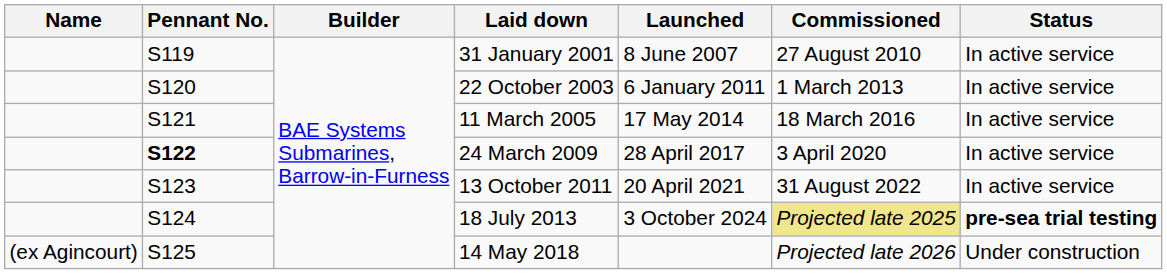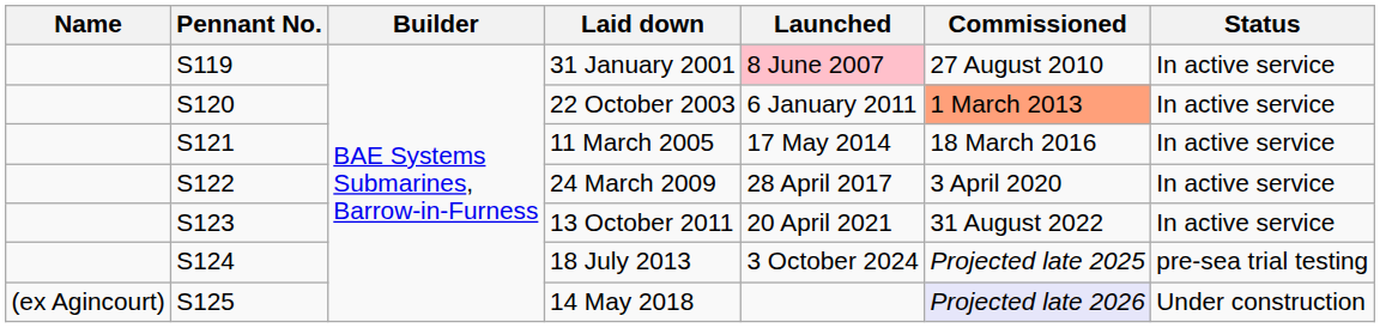 <table class="wikitable" align="center">
 <tr>
 <th>Name</th>
 <th>Pennant No.</th>
 <th>Builder</th>
 <th>Laid down</th>
 <th>Launched</th>
 <th>Commissioned</th>
 <th>Status</th>
 </tr>
 <tr>
 <td></td>
 <td>S119</td>
 <td rowspan=7><a href='#'>BAE Systems<br>Submarines</a>,<br><a href='#'>Barrow-in-Furness</a></td>
 <td>31 January 2001</td>
-<td>8 June 2007</td>
+<td style="background: pink;">8 June 2007</td>
 <td>27 August 2010</td>
 <td>In active service</td>
 </tr>
 <tr>
 <td></td>
 <td>S120</td>
 <td>22 October 2003</td>
 <td>6 January 2011</td>
-<td>1 March 2013</td>
+<td style="background: lightsalmon;">1 March 2013</td>
 <td>In active service</td>
 </tr>
 <tr>
 <td></td>
 <td>S121</td>
 <td>11 March 2005</td>
 <td>17 May 2014</td>
 <td>18 March 2016</td>
 <td>In active service</td>
 </tr>
 <tr>
 <td></td>
-<td><strong>S122</strong></td>
+<td>S122</td>
 <td>24 March 2009</td>
 <td>28 April 2017</td>
 <td>3 April 2020</td>
 <td>In active service</td>
 </tr>
 <tr>
 <td></td>
 <td>S123</td>
 <td>13 October 2011</td>
 <td>20 April 2021</td>
 <td>31 August 2022</td>
 <td>In active service</td>
 </tr>
 <tr>
 <td></td>
 <td>S124</td>
 <td>18 July 2013</td>
 <td>3 October 2024</td>
-<td style="background: khaki;"><em>Projected late 2025</em></td>
-<td><strong>pre-sea trial testing</strong></td>
+<td><em>Projected late 2025</em></td>
+<td>pre-sea trial testing</td>
 </tr>
 <tr>
 <td> (ex Agincourt)</td>
 <td>S125</td>
 <td>14 May 2018</td>
 <td></td>
-<td><em>Projected late 2026</em></td>
+<td style="background: lavender;"><em>Projected late 2026</em></td>
 <td>Under construction</td>
 </tr>
 </table>
